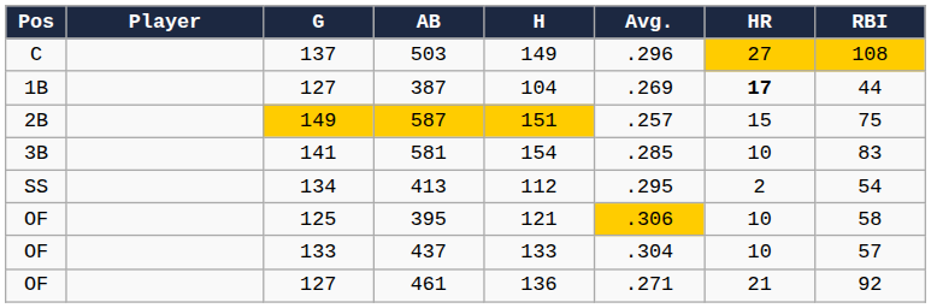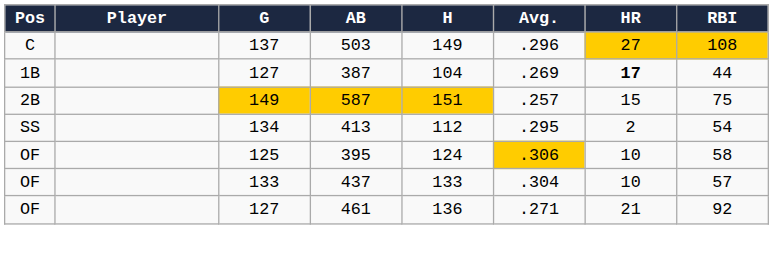 <table class="wikitable sortable" style="text-align:center;">
 <tr>
 <th style="background:#1c2841;color:white;" width="5%">Pos</th>
 <th style="background:#1c2841;color:white;" width="16%">Player</th>
 <th style="background:#1c2841;color:white;" width="9%">G</th>
 <th style="background:#1c2841;color:white;" width="9%">AB</th>
 <th style="background:#1c2841;color:white;" width="9%">H</th>
 <th style="background:#1c2841;color:white;" width="9%">Avg.</th>
 <th style="background:#1c2841;color:white;" width="9%">HR</th>
 <th style="background:#1c2841;color:white;" width="9%">RBI</th>
 </tr>
 <tr align="center">
 <td>C</td>
 <td></td>
 <td>137</td>
 <td>503</td>
 <td>149</td>
 <td>.296</td>
 <td style="background:#fc0;">27</td>
 <td style="background:#fc0;">108</td>
 </tr>
 <tr align="center">
 <td>1B</td>
 <td></td>
 <td>127</td>
 <td>387</td>
 <td>104</td>
 <td>.269</td>
 <td><strong>17</strong></td>
 <td>44</td>
 </tr>
 <tr align="center">
 <td>2B</td>
 <td></td>
 <td style="background:#fc0;">149</td>
 <td style="background:#fc0;">587</td>
 <td style="background:#fc0;">151</td>
 <td>.257</td>
 <td>15</td>
 <td>75</td>
 </tr>
 <tr align="center">
-<td>3B</td>
-<td></td>
-<td>141</td>
-<td>581</td>
-<td>154</td>
-<td>.285</td>
-<td>10</td>
-<td>83</td>
-</tr>
-<tr align="center">
 <td>SS</td>
 <td></td>
 <td>134</td>
 <td>413</td>
 <td>112</td>
 <td>.295</td>
 <td>2</td>
 <td>54</td>
 </tr>
 <tr align="center">
 <td>OF</td>
 <td></td>
 <td>125</td>
 <td>395</td>
-<td>121</td>
+<td>124</td>
 <td style="background:#fc0;">.306</td>
 <td>10</td>
 <td>58</td>
 </tr>
 <tr align="center">
 <td>OF</td>
 <td></td>
 <td>133</td>
 <td>437</td>
 <td>133</td>
 <td>.304</td>
 <td>10</td>
 <td>57</td>
 </tr>
 <tr align="center">
 <td>OF</td>
 <td></td>
 <td>127</td>
 <td>461</td>
 <td>136</td>
 <td>.271</td>
 <td>21</td>
 <td>92</td>
 </tr>
 </table>
